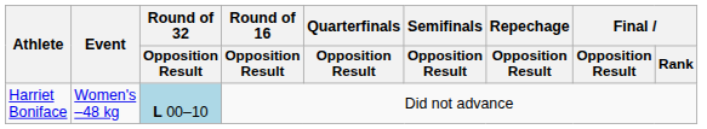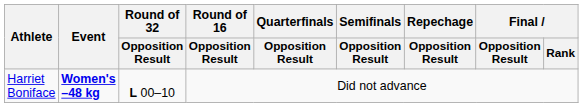 <table class="wikitable" style="font-size:90%">
 <tr>
 <th rowspan="2">Athlete</th>
 <th rowspan="2">Event</th>
 <th>Round of 32</th>
 <th>Round of 16</th>
 <th>Quarterfinals</th>
 <th>Semifinals</th>
 <th>Repechage</th>
 <th colspan=2>Final / </th>
 </tr>
 <tr style="font-size:95%">
 <th>Opposition<br>Result</th>
 <th>Opposition<br>Result</th>
 <th>Opposition<br>Result</th>
 <th>Opposition<br>Result</th>
 <th>Opposition<br>Result</th>
 <th>Opposition<br>Result</th>
 <th>Rank</th>
 </tr>
 <tr align=center>
 <td align=left><a href='#'>Harriet Boniface</a></td>
-<td align=left><a href='#'>Women's –48 kg</a></td>
-<td style="background: lightblue;"><br><strong>L</strong> 00–10</td>
+<td align=left><strong><a href='#'>Women's –48 kg</a></strong></td>
+<td><br><strong>L</strong> 00–10</td>
 <td colspan=6>Did not advance</td>
 </tr>
 </table>
